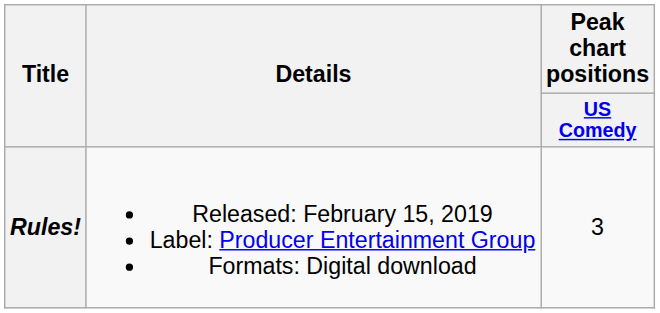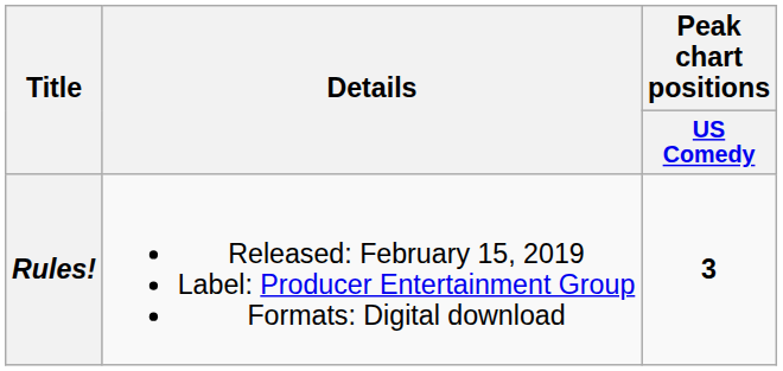 <table class="wikitable plainrowheaders" style="text-align:center;">
 <tr>
 <th scope="col" rowspan="2">Title</th>
 <th scope="col" rowspan="2">Details</th>
 <th scope="col" colspan="1">Peak chart positions</th>
 </tr>
 <tr>
 <th scope="col" style="width:3em;font-size:85%;"><a href='#'>US Comedy</a><br></th>
 </tr>
 <tr>
 <th scope="row"><em>Rules!</em></th>
 <td><br><ul><li>Released: February 15, 2019</li><li>Label: <a href='#'>Producer Entertainment Group</a></li><li>Formats: Digital download</li></ul></td>
-<td>3</td>
+<td><strong>3</strong></td>
 </tr>
 </table>
